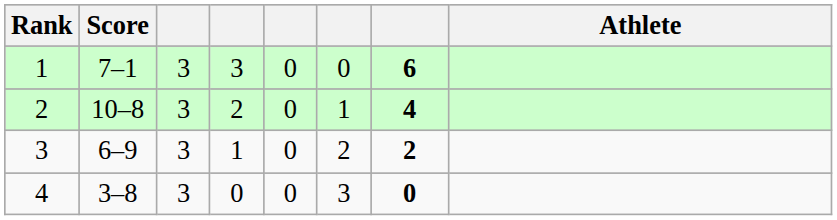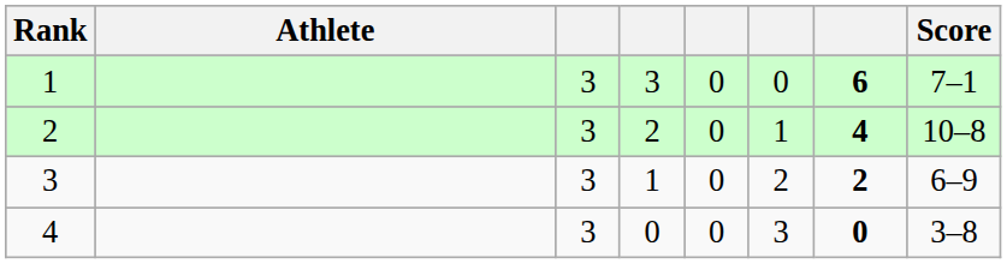 <table class="wikitable" style="text-align: center;">
 <tr>
 <th width=25>Rank</th>
-<th width=40>Score</th>
+<th width=225>Athlete</th>
 <th width=25></th>
 <th width=25></th>
 <th width=25></th>
 <th width=25></th>
 <th width=40></th>
-<th width=225>Athlete</th>
+<th width=40>Score</th>
 </tr>
 <tr bgcolor=ccffcc>
 <td>1</td>
-<td>7–1</td>
+<td align=left></td>
 <td>3</td>
 <td>3</td>
 <td>0</td>
 <td>0</td>
 <td><strong>6</strong></td>
-<td align=left></td>
+<td>7–1</td>
 </tr>
 <tr bgcolor=ccffcc>
 <td>2</td>
-<td>10–8</td>
+<td align=left></td>
 <td>3</td>
 <td>2</td>
 <td>0</td>
 <td>1</td>
 <td><strong>4</strong></td>
-<td align=left></td>
+<td>10–8</td>
 </tr>
 <tr>
 <td>3</td>
-<td>6–9</td>
+<td align=left></td>
 <td>3</td>
 <td>1</td>
 <td>0</td>
 <td>2</td>
 <td><strong>2</strong></td>
-<td align=left></td>
+<td>6–9</td>
 </tr>
 <tr>
 <td>4</td>
-<td>3–8</td>
+<td align=left></td>
 <td>3</td>
 <td>0</td>
 <td>0</td>
 <td>3</td>
 <td><strong>0</strong></td>
-<td align=left></td>
+<td>3–8</td>
 </tr>
 </table>
